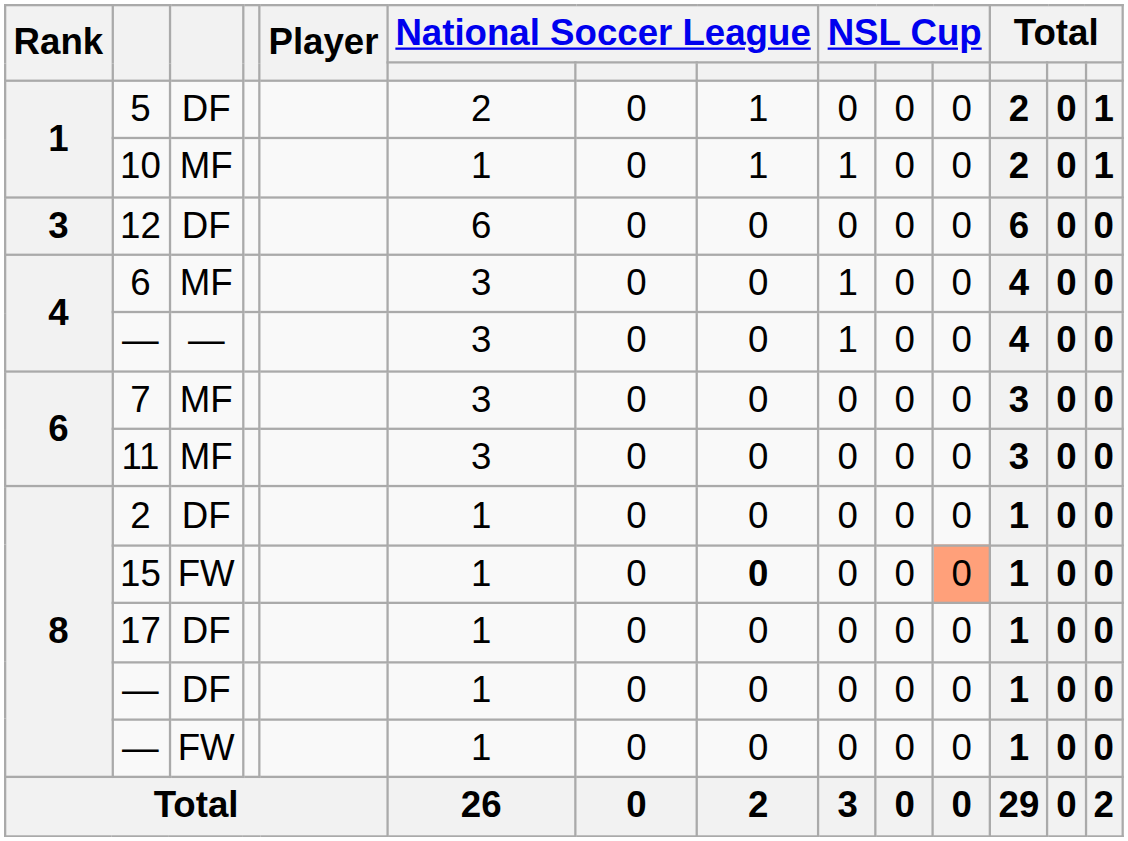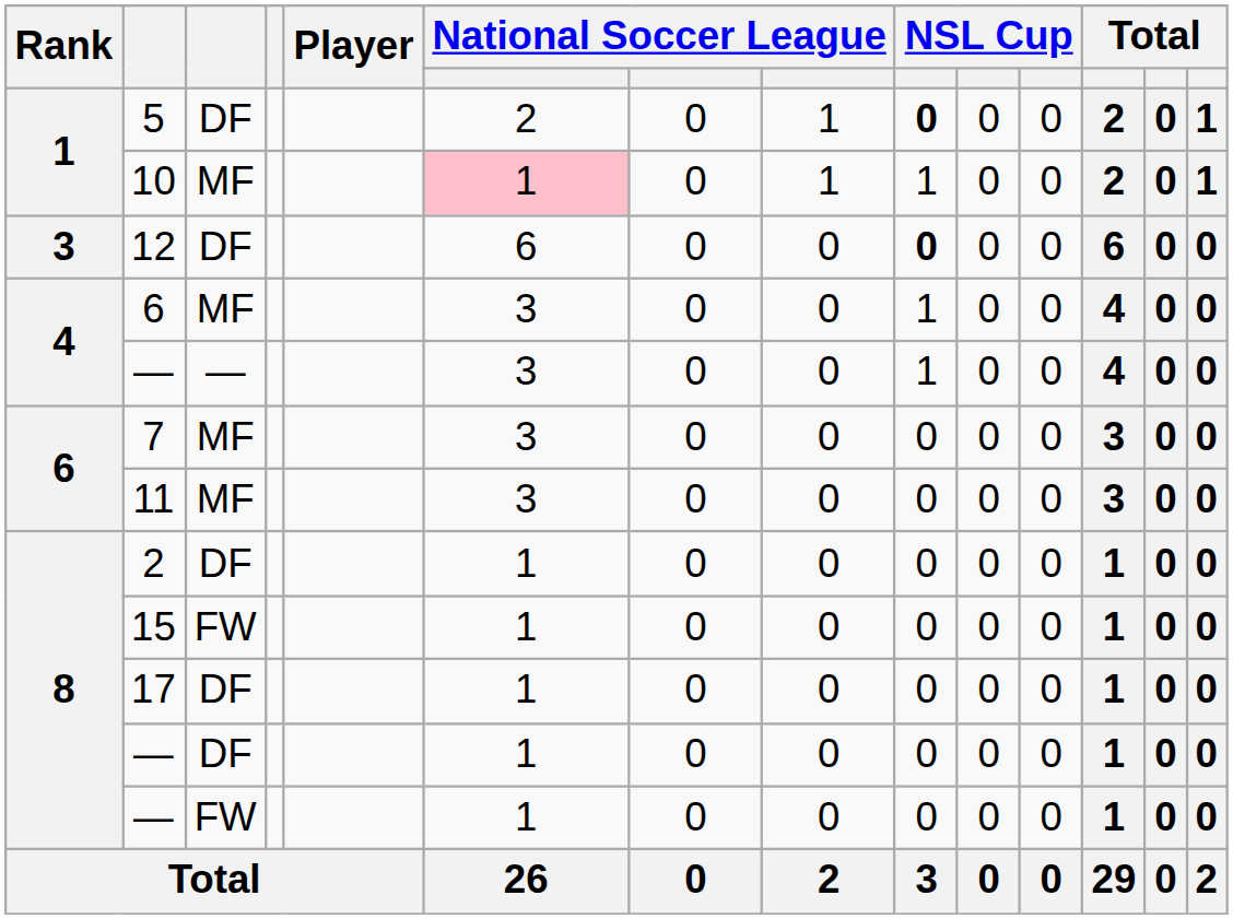 <table class="wikitable sortable" style="text-align:center">
 <tr>
 <th rowspan="2">Rank</th>
 <th rowspan="2"></th>
 <th rowspan="2"></th>
 <th rowspan="2"></th>
 <th rowspan="2">Player</th>
 <th colspan="3"><a href='#'>National Soccer League</a></th>
 <th colspan="3"><a href='#'>NSL Cup</a></th>
 <th colspan="3">Total</th>
 </tr>
 <tr>
 <th></th>
 <th></th>
 <th></th>
 <th></th>
 <th></th>
 <th></th>
 <th></th>
 <th></th>
 <th></th>
 </tr>
 <tr>
 <th rowspan="2">1</th>
 <td>5</td>
 <td>DF</td>
 <td></td>
 <td align="left"><br></td>
 <td>2</td>
 <td>0</td>
 <td>1<br></td>
-<td>0</td>
+<td><strong>0</strong></td>
 <td>0</td>
 <td>0<br></td>
 <th>2</th>
 <th>0</th>
 <th>1</th>
 </tr>
 <tr>
 <td>10</td>
 <td>MF</td>
 <td></td>
 <td align="left"><br></td>
-<td>1</td>
+<td style="background: pink;">1</td>
 <td>0</td>
 <td>1<br></td>
 <td>1</td>
 <td>0</td>
 <td>0<br></td>
 <th>2</th>
 <th>0</th>
 <th>1</th>
 </tr>
 <tr>
 <th>3</th>
 <td>12</td>
 <td>DF</td>
 <td></td>
 <td align="left"><br></td>
 <td>6</td>
 <td>0</td>
 <td>0<br></td>
-<td>0</td>
+<td><strong>0</strong></td>
 <td>0</td>
 <td>0<br></td>
 <th>6</th>
 <th>0</th>
 <th>0</th>
 </tr>
 <tr>
 <th rowspan="2">4</th>
 <td>6</td>
 <td>MF</td>
 <td></td>
 <td align="left"><br></td>
 <td>3</td>
 <td>0</td>
 <td>0<br></td>
 <td>1</td>
 <td>0</td>
 <td>0<br></td>
 <th>4</th>
 <th>0</th>
 <th>0</th>
 </tr>
 <tr>
 <td>—</td>
 <td>—</td>
 <td></td>
 <td align="left"><br></td>
 <td>3</td>
 <td>0</td>
 <td>0<br></td>
 <td>1</td>
 <td>0</td>
 <td>0<br></td>
 <th>4</th>
 <th>0</th>
 <th>0</th>
 </tr>
 <tr>
 <th rowspan="2">6</th>
 <td>7</td>
 <td>MF</td>
 <td></td>
 <td align="left"><br></td>
 <td>3</td>
 <td>0</td>
 <td>0<br></td>
 <td>0</td>
 <td>0</td>
 <td>0<br></td>
 <th>3</th>
 <th>0</th>
 <th>0</th>
 </tr>
 <tr>
 <td>11</td>
 <td>MF</td>
 <td></td>
 <td align="left"><br></td>
 <td>3</td>
 <td>0</td>
 <td>0<br></td>
 <td>0</td>
 <td>0</td>
 <td>0<br></td>
 <th>3</th>
 <th>0</th>
 <th>0</th>
 </tr>
 <tr>
 <th rowspan="5">8</th>
 <td>2</td>
 <td>DF</td>
 <td></td>
 <td align="left"><br></td>
 <td>1</td>
 <td>0</td>
 <td>0<br></td>
 <td>0</td>
 <td>0</td>
 <td>0<br></td>
 <th>1</th>
 <th>0</th>
 <th>0</th>
 </tr>
 <tr>
 <td>15</td>
 <td>FW</td>
 <td></td>
 <td align="left"><br></td>
 <td>1</td>
 <td>0</td>
-<td><strong>0<br></strong></td>
+<td>0<br></td>
 <td>0</td>
 <td>0</td>
-<td style="background: lightsalmon;">0<br></td>
+<td>0<br></td>
 <th>1</th>
 <th>0</th>
 <th>0</th>
 </tr>
 <tr>
 <td>17</td>
 <td>DF</td>
 <td></td>
 <td align="left"><br></td>
 <td>1</td>
 <td>0</td>
 <td>0<br></td>
 <td>0</td>
 <td>0</td>
 <td>0<br></td>
 <th>1</th>
 <th>0</th>
 <th>0</th>
 </tr>
 <tr>
 <td>—</td>
 <td>DF</td>
 <td></td>
 <td align="left"><br></td>
 <td>1</td>
 <td>0</td>
 <td>0<br></td>
 <td>0</td>
 <td>0</td>
 <td>0<br></td>
 <th>1</th>
 <th>0</th>
 <th>0</th>
 </tr>
 <tr>
 <td>—</td>
 <td>FW</td>
 <td></td>
 <td align="left"><br></td>
 <td>1</td>
 <td>0</td>
 <td>0<br></td>
 <td>0</td>
 <td>0</td>
 <td>0<br></td>
 <th>1</th>
 <th>0</th>
 <th>0</th>
 </tr>
 <tr>
 <th colspan="5">Total<br></th>
 <th>26</th>
 <th>0</th>
 <th>2<br></th>
 <th>3</th>
 <th>0</th>
 <th>0<br></th>
 <th>29</th>
 <th>0</th>
 <th>2</th>
 </tr>
 </table>
